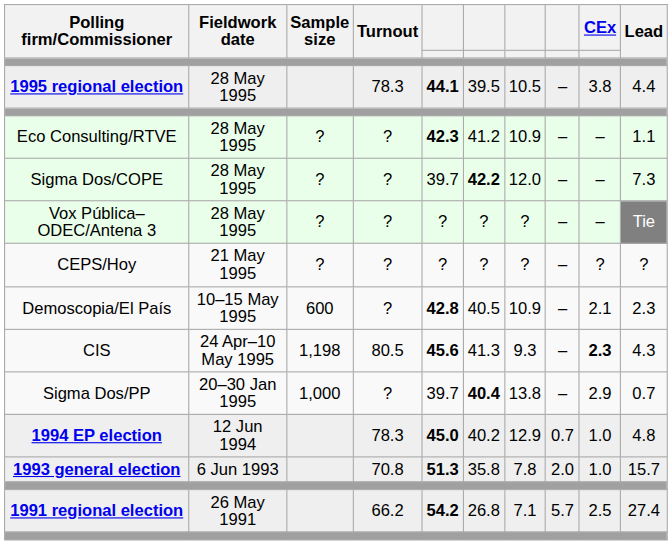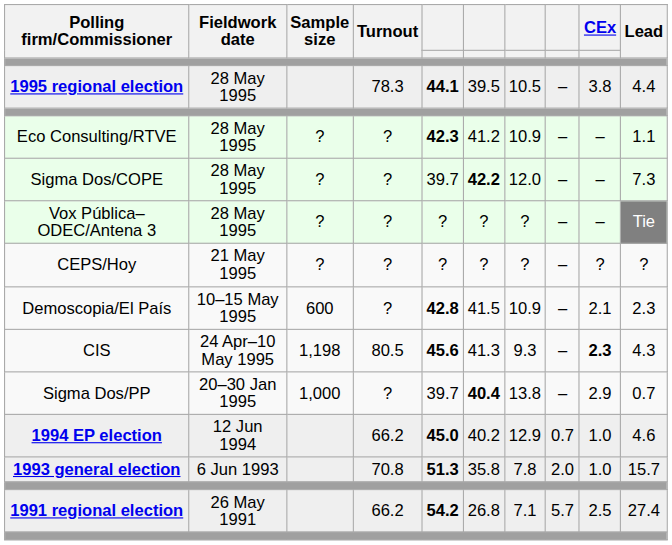 <table class="wikitable collapsible collapsed" style="text-align:center; font-size:95%; line-height:16px;">
 <tr style="height:42px;">
 <th style="width:250px;" rowspan="2">Polling firm/Commissioner</th>
 <th style="width:125px;" rowspan="2">Fieldwork date</th>
 <th style="width:50px;" rowspan="2">Sample size</th>
 <th style="width:45px;" rowspan="2">Turnout</th>
 <th style="width:35px;"></th>
 <th style="width:35px;"></th>
 <th style="width:35px;"></th>
 <th style="width:35px;"></th>
 <th style="width:35px;"><a href='#'>CEx</a></th>
 <th style="width:30px;" rowspan="2">Lead</th>
 </tr>
 <tr>
 <th style="color:inherit;background:"></th>
 <th style="color:inherit;background:"></th>
 <th style="color:inherit;background:"></th>
 <th style="color:inherit;background:"></th>
 <th style="color:inherit;background:"></th>
 </tr>
 <tr>
 <td colspan="10" style="background:#A0A0A0"></td>
 </tr>
 <tr style="background:#EFEFEF;">
 <td><strong><a href='#'>1995 regional election</a></strong></td>
 <td>28 May 1995</td>
 <td></td>
 <td>78.3</td>
 <td><strong>44.1</strong><br></td>
 <td>39.5<br></td>
 <td>10.5<br></td>
 <td>–</td>
 <td>3.8<br></td>
 <td style="background:">4.4</td>
 </tr>
 <tr>
 <td colspan="10" style="background:#A0A0A0"></td>
 </tr>
 <tr style="background:#EAFFEA;">
 <td>Eco Consulting/RTVE</td>
 <td>28 May 1995</td>
 <td>?</td>
 <td>?</td>
 <td><strong>42.3</strong><br></td>
 <td>41.2<br></td>
 <td>10.9<br></td>
 <td>–</td>
 <td>–</td>
 <td style="background:">1.1</td>
 </tr>
 <tr style="background:#EAFFEA;">
 <td>Sigma Dos/COPE</td>
 <td>28 May 1995</td>
 <td>?</td>
 <td>?</td>
 <td>39.7<br></td>
 <td><strong>42.2</strong><br></td>
 <td>12.0<br></td>
 <td>–</td>
 <td>–</td>
 <td style="background:">7.3</td>
 </tr>
 <tr style="background:#EAFFEA;">
 <td>Vox Pública–ODEC/Antena 3</td>
 <td>28 May 1995</td>
 <td>?</td>
 <td>?</td>
 <td>?<br></td>
 <td>?<br></td>
 <td>?<br></td>
 <td>–</td>
 <td>–</td>
 <td style="background:gray; color:white;">Tie</td>
 </tr>
 <tr>
 <td>CEPS/Hoy</td>
 <td>21 May 1995</td>
 <td>?</td>
 <td>?</td>
 <td>?<br></td>
 <td>?<br></td>
 <td>?<br></td>
 <td>–</td>
 <td>?<br></td>
 <td style="background:">?</td>
 </tr>
 <tr>
 <td>Demoscopia/El País</td>
 <td>10–15 May 1995</td>
 <td>600</td>
 <td>?</td>
 <td><strong>42.8</strong><br></td>
-<td>40.5<br></td>
+<td>41.5<br></td>
 <td>10.9<br></td>
 <td>–</td>
 <td>2.1<br></td>
 <td style="background:">2.3</td>
 </tr>
 <tr>
 <td>CIS</td>
 <td>24 Apr–10 May 1995</td>
 <td>1,198</td>
 <td>80.5</td>
 <td><strong>45.6</strong></td>
 <td>41.3</td>
 <td>9.3</td>
 <td>–</td>
 <td><strong>2.3</strong></td>
 <td style="background:">4.3</td>
 </tr>
 <tr>
 <td>Sigma Dos/PP</td>
 <td>20–30 Jan 1995</td>
 <td>1,000</td>
 <td>?</td>
 <td>39.7<br></td>
 <td><strong>40.4</strong><br></td>
 <td>13.8<br></td>
 <td>–</td>
 <td>2.9<br></td>
 <td style="background:">0.7</td>
 </tr>
 <tr style="background:#EFEFEF;">
 <td><strong><a href='#'>1994 EP election</a></strong></td>
 <td>12 Jun 1994</td>
 <td></td>
-<td>78.3</td>
+<td>66.2</td>
 <td><strong>45.0</strong><br></td>
 <td>40.2<br></td>
 <td>12.9<br></td>
 <td>0.7<br></td>
 <td>1.0<br></td>
-<td style="background:">4.8</td>
+<td style="background:">4.6</td>
 </tr>
 <tr style="background:#EFEFEF;">
 <td><strong><a href='#'>1993 general election</a></strong></td>
 <td>6 Jun 1993</td>
 <td></td>
 <td>70.8</td>
 <td><strong>51.3</strong><br></td>
 <td>35.8<br></td>
 <td>7.8<br></td>
 <td>2.0<br></td>
 <td>1.0<br></td>
 <td style="background:">15.7</td>
 </tr>
 <tr>
 <td colspan="10" style="background:#A0A0A0"></td>
 </tr>
 <tr style="background:#EFEFEF;">
 <td><strong><a href='#'>1991 regional election</a></strong></td>
 <td>26 May 1991</td>
 <td></td>
 <td>66.2</td>
 <td><strong>54.2</strong><br></td>
 <td>26.8<br></td>
 <td>7.1<br></td>
 <td>5.7<br></td>
 <td>2.5<br></td>
 <td style="background:">27.4</td>
 </tr>
 <tr>
 <td colspan="10" style="background:#A0A0A0"></td>
 </tr>
 </table>
